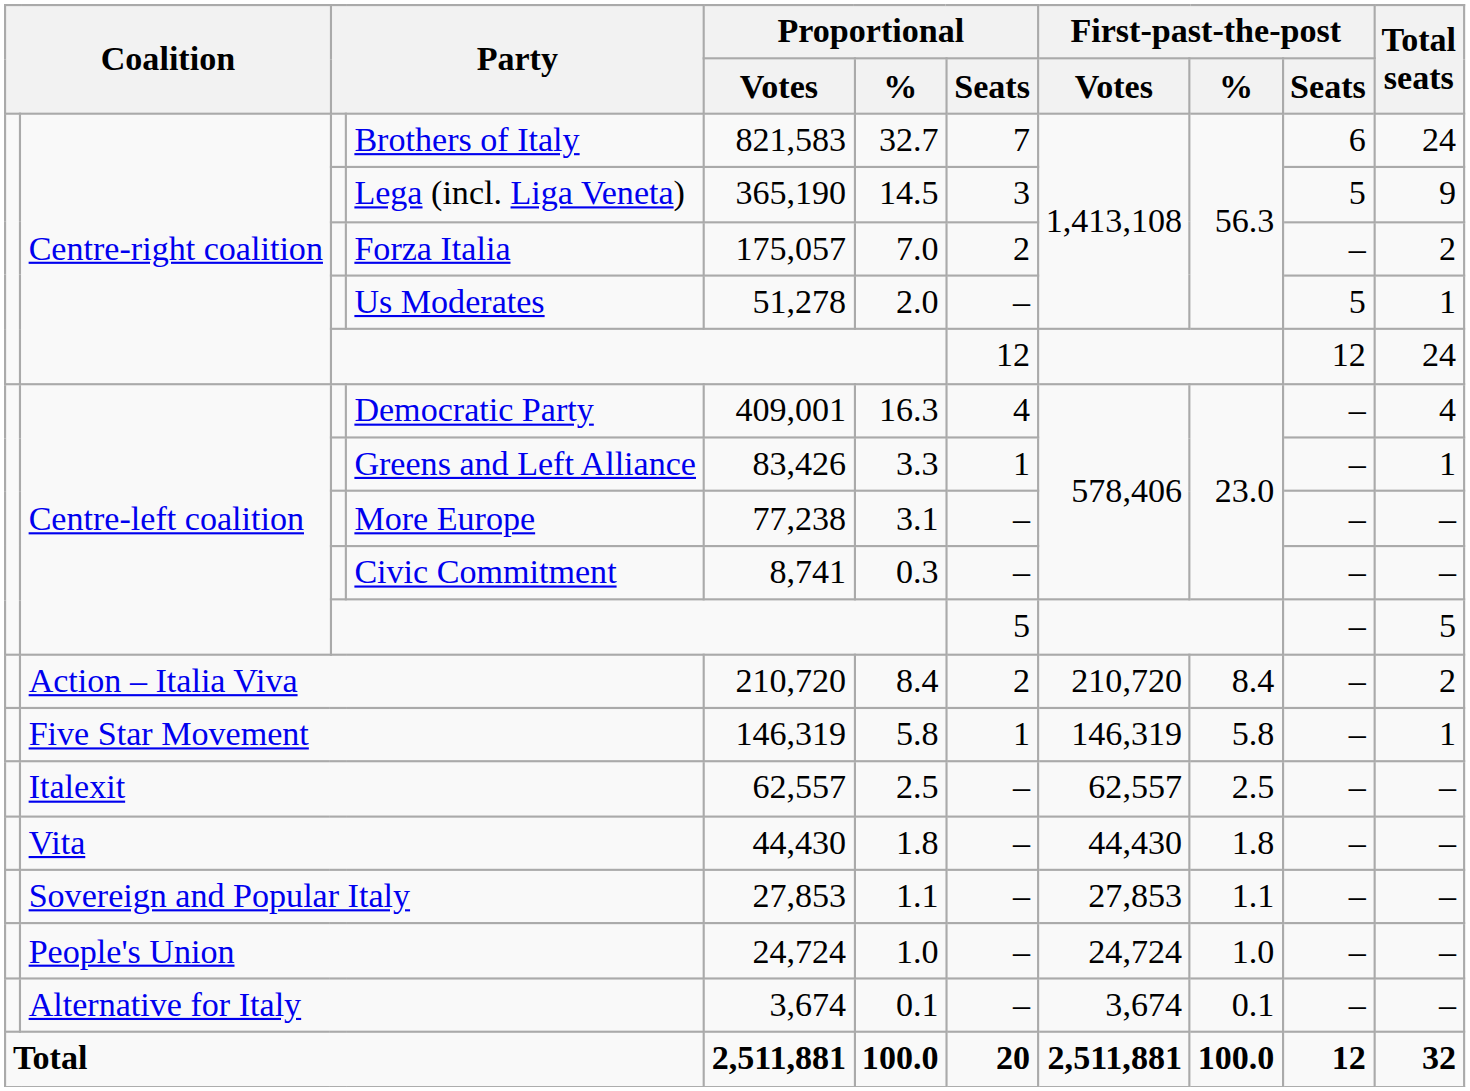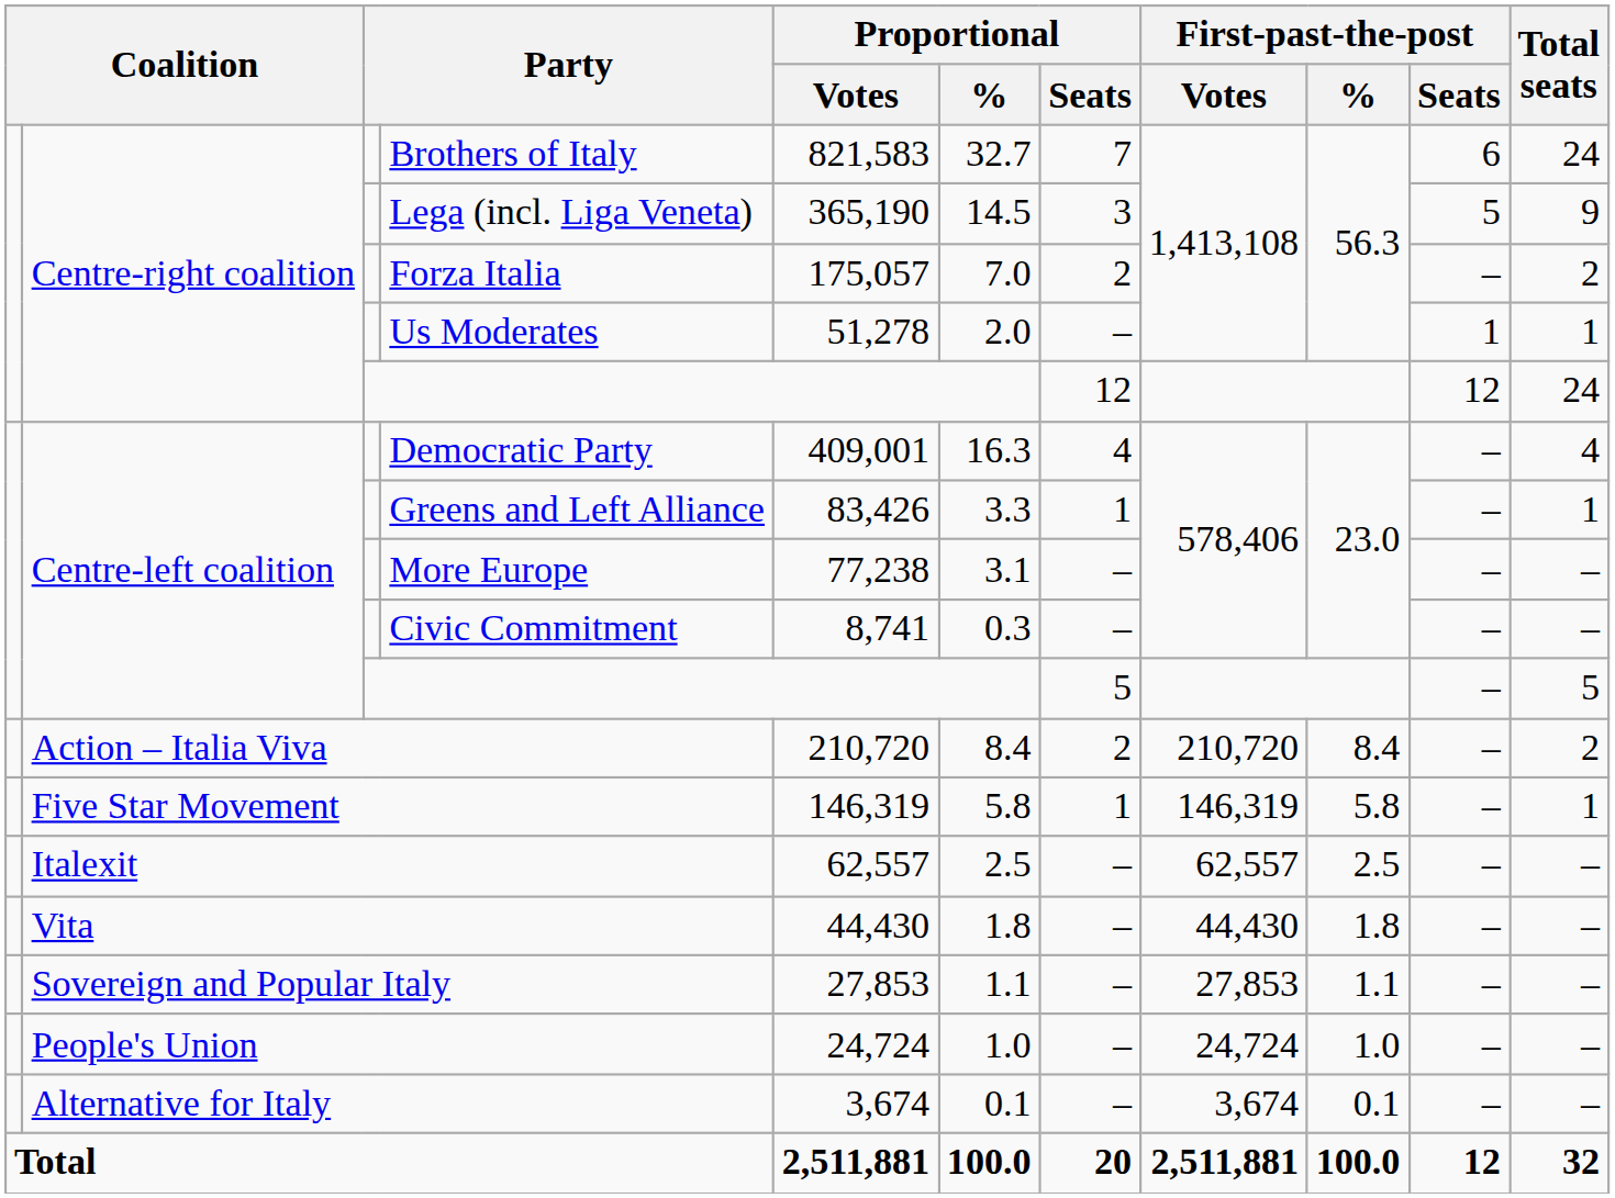 <table class="wikitable" style="text-align:right">
 <tr>
 <th colspan="2" rowspan="2">Coalition</th>
 <th colspan=2 rowspan=2>Party</th>
 <th colspan="3"  style="text-align:center; vertical-align:top;">Proportional</th>
 <th colspan="3"  style="text-align:center; vertical-align:top;">First-past-the-post</th>
 <th style="text-align:center;" rowspan="2">Total<br>seats</th>
 </tr>
 <tr>
 <th style="text-align:center; vertical-align:bottom;">Votes</th>
 <th style="text-align:center; vertical-align:bottom;">%</th>
 <th style="text-align:center; vertical-align:bottom;">Seats</th>
 <th style="text-align:center; vertical-align:bottom;">Votes</th>
 <th style="text-align:center; vertical-align:bottom;">%</th>
 <th style="text-align:center; vertical-align:bottom;">Seats</th>
 </tr>
 <tr>
 <td rowspan="5"></td>
 <td style="text-align:left;" rowspan="5"><a href='#'>Centre-right coalition</a></td>
 <td></td>
 <td align=left><a href='#'>Brothers of Italy</a></td>
 <td>821,583</td>
 <td>32.7</td>
 <td>7</td>
 <td rowspan="4">1,413,108</td>
 <td rowspan="4">56.3</td>
 <td>6</td>
 <td>24</td>
 </tr>
 <tr>
 <td></td>
 <td align=left><a href='#'>Lega</a> (incl. <a href='#'>Liga Veneta</a>)</td>
 <td>365,190</td>
 <td>14.5</td>
 <td>3</td>
 <td>5</td>
 <td>9</td>
 </tr>
 <tr>
 <td></td>
 <td align=left><a href='#'>Forza Italia</a></td>
 <td>175,057</td>
 <td>7.0</td>
 <td>2</td>
 <td>–</td>
 <td>2</td>
 </tr>
 <tr>
 <td></td>
 <td align=left><a href='#'>Us Moderates</a></td>
 <td>51,278</td>
 <td>2.0</td>
 <td>–</td>
-<td>5</td>
+<td>1</td>
 <td>1</td>
 </tr>
 <tr>
 <td colspan="4" style="text-align:left;"></td>
 <td>12</td>
 <td colspan="2"></td>
 <td>12</td>
 <td>24</td>
 </tr>
 <tr>
 <td rowspan="5"></td>
 <td style="text-align:left;" rowspan="5"><a href='#'>Centre-left coalition</a></td>
 <td></td>
 <td align=left><a href='#'>Democratic Party</a></td>
 <td>409,001</td>
 <td>16.3</td>
 <td>4</td>
 <td rowspan="4">578,406</td>
 <td rowspan="4">23.0</td>
 <td>–</td>
 <td>4</td>
 </tr>
 <tr>
 <td></td>
 <td align=left><a href='#'>Greens and Left Alliance</a></td>
 <td>83,426</td>
 <td>3.3</td>
 <td>1</td>
 <td>–</td>
 <td>1</td>
 </tr>
 <tr>
 <td></td>
 <td align=left><a href='#'>More Europe</a></td>
 <td>77,238</td>
 <td>3.1</td>
 <td>–</td>
 <td>–</td>
 <td>–</td>
 </tr>
 <tr>
 <td></td>
 <td align=left><a href='#'>Civic Commitment</a></td>
 <td>8,741</td>
 <td>0.3</td>
 <td>–</td>
 <td>–</td>
 <td>–</td>
 </tr>
 <tr>
 <td colspan="4" style="text-align:left;"></td>
 <td>5</td>
 <td colspan="2"></td>
 <td>–</td>
 <td>5</td>
 </tr>
 <tr>
 <td style="background:"></td>
 <td colspan="3" style="text-align:left;"><a href='#'>Action – Italia Viva</a></td>
 <td>210,720</td>
 <td>8.4</td>
 <td>2</td>
 <td>210,720</td>
 <td>8.4</td>
 <td>–</td>
 <td>2</td>
 </tr>
 <tr 、>
 <td style="background:"></td>
 <td colspan="3" style="text-align:left;"><a href='#'>Five Star Movement</a></td>
 <td>146,319</td>
 <td>5.8</td>
 <td>1</td>
 <td>146,319</td>
 <td>5.8</td>
 <td>–</td>
 <td>1</td>
 </tr>
 <tr 、>
 <td style="background:"></td>
 <td colspan="3" style="text-align:left;"><a href='#'>Italexit</a></td>
 <td>62,557</td>
 <td>2.5</td>
 <td>–</td>
 <td>62,557</td>
 <td>2.5</td>
 <td>–</td>
 <td>–</td>
 </tr>
 <tr 、>
 <td style="background:"></td>
 <td colspan="3" style="text-align:left;"><a href='#'>Vita</a></td>
 <td>44,430</td>
 <td>1.8</td>
 <td>–</td>
 <td>44,430</td>
 <td>1.8</td>
 <td>–</td>
 <td>–</td>
 </tr>
 <tr 、>
 <td style="background:"></td>
 <td colspan="3" style="text-align:left;"><a href='#'>Sovereign and Popular Italy</a></td>
 <td>27,853</td>
 <td>1.1</td>
 <td>–</td>
 <td>27,853</td>
 <td>1.1</td>
 <td>–</td>
 <td>–</td>
 </tr>
 <tr 、>
 <td style="background:"></td>
 <td colspan="3" style="text-align:left;"><a href='#'>People's Union</a></td>
 <td>24,724</td>
 <td>1.0</td>
 <td>–</td>
 <td>24,724</td>
 <td>1.0</td>
 <td>–</td>
 <td>–</td>
 </tr>
 <tr 、>
 <td style="background:"></td>
 <td colspan="3" style="text-align:left;"><a href='#'>Alternative for Italy</a></td>
 <td>3,674</td>
 <td>0.1</td>
 <td>–</td>
 <td>3,674</td>
 <td>0.1</td>
 <td>–</td>
 <td>–</td>
 </tr>
 <tr>
 <td colspan="4" style="text-align:left;"><strong>Total</strong></td>
 <td><strong>2,511,881</strong></td>
 <td><strong>100.0</strong></td>
 <td><strong>20</strong></td>
 <td><strong>2,511,881</strong></td>
 <td><strong>100.0</strong></td>
 <td><strong>12</strong></td>
 <td><strong>32</strong></td>
 </tr>
 </table>
